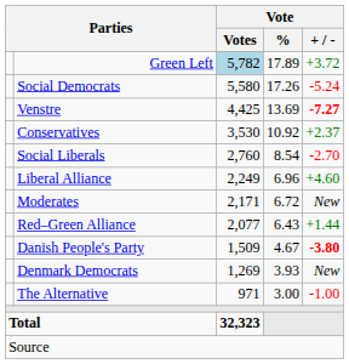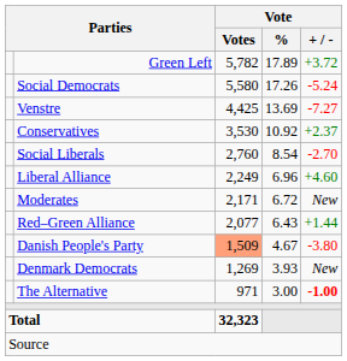 <table class="wikitable" style="text-align:right;">
 <tr>
 <th style="text-align:centre;" rowspan="2" colspan="2" width="225">Parties</th>
 <th colspan="3">Vote</th>
 </tr>
 <tr>
 <th width="15">Votes</th>
 <th width="15">%</th>
 <th width="15">+ / -</th>
 </tr>
 <tr>
 <td width=2 bgcolor=></td>
 <td><a href='#'>Green Left</a></td>
-<td style="background: lightblue;">5,782</td>
+<td>5,782</td>
 <td>17.89</td>
 <td style=color:green;>+3.72</td>
 </tr>
 <tr>
 <td width=2 bgcolor=></td>
 <td align=left><a href='#'>Social Democrats</a></td>
 <td>5,580</td>
 <td>17.26</td>
 <td style=color:red;>-5.24</td>
 </tr>
 <tr>
 <td width=2 bgcolor=></td>
 <td align=left><a href='#'>Venstre</a></td>
 <td>4,425</td>
 <td>13.69</td>
-<td style=color:red;><strong>-7.27</strong></td>
+<td style=color:red;>-7.27</td>
 </tr>
 <tr>
 <td width=2 bgcolor=></td>
 <td align=left><a href='#'>Conservatives</a></td>
 <td>3,530</td>
 <td>10.92</td>
 <td style=color:green;>+2.37</td>
 </tr>
 <tr>
 <td width=2 bgcolor=></td>
 <td align=left><a href='#'>Social Liberals</a></td>
 <td>2,760</td>
 <td>8.54</td>
 <td style=color:red;>-2.70</td>
 </tr>
 <tr>
 <td width=2 bgcolor=></td>
 <td align=left><a href='#'>Liberal Alliance</a></td>
 <td>2,249</td>
 <td>6.96</td>
 <td style=color:green;>+4.60</td>
 </tr>
 <tr>
 <td width=2 bgcolor=></td>
 <td align=left><a href='#'>Moderates</a></td>
 <td>2,171</td>
 <td>6.72</td>
 <td><em>New</em></td>
 </tr>
 <tr>
 <td width=2 bgcolor=></td>
 <td align=left><a href='#'>Red–Green Alliance</a></td>
 <td>2,077</td>
 <td>6.43</td>
 <td style=color:green;>+1.44</td>
 </tr>
 <tr>
 <td width=2 bgcolor=></td>
 <td align=left><a href='#'>Danish People's Party</a></td>
-<td>1,509</td>
+<td style="background: lightsalmon;">1,509</td>
 <td>4.67</td>
-<td style=color:red;><strong>-3.80</strong></td>
+<td style=color:red;>-3.80</td>
 </tr>
 <tr>
 <td width=2 bgcolor=></td>
 <td align=left><a href='#'>Denmark Democrats</a></td>
 <td>1,269</td>
 <td>3.93</td>
 <td><em>New</em></td>
 </tr>
 <tr>
 <td width=2 bgcolor=></td>
 <td align=left><a href='#'>The Alternative</a></td>
 <td>971</td>
 <td>3.00</td>
-<td style=color:red;>-1.00</td>
+<td style=color:red;><strong>-1.00</strong></td>
 </tr>
 <tr>
 <td colspan="7" bgcolor="#E9E9E9"></td>
 </tr>
 <tr>
 <td align="left" colspan="2"><strong>Total</strong></td>
 <td><strong>32,323</strong></td>
 <td bgcolor=#E9E9E9 colspan=2></td>
 </tr>
 <tr>
 <td align="left" colspan="6">Source</td>
 </tr>
 </table>
